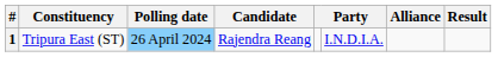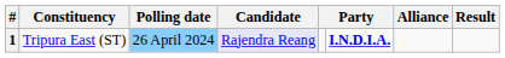 <table class="wikitable sortable">
 <tr>
 <th>#</th>
 <th>Constituency</th>
 <th>Polling date</th>
 <th>Candidate</th>
 <th colspan=2>Party</th>
 <th>Alliance</th>
 <th>Result</th>
 </tr>
 <tr>
 <th>1</th>
 <td><a href='#'>Tripura East</a> (ST)</td>
 <td bgcolor=#87CEFA>26 April 2024</td>
-<td><a href='#'>Rajendra Reang</a></td>
+<td style="background: lavender;"><a href='#'>Rajendra Reang</a></td>
 <td></td>
-<td><a href='#'>I.N.D.I.A.</a></td>
+<td><strong><a href='#'>I.N.D.I.A.</a></strong></td>
 <td></td>
 </tr>
 </table>
